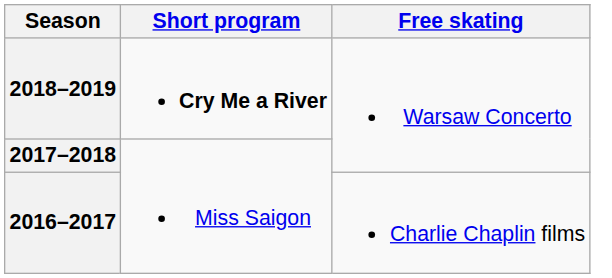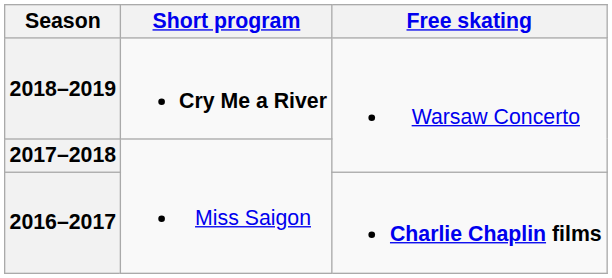 <table class=wikitable style=text-align:center>
 <tr>
 <th>Season</th>
 <th><a href='#'>Short program</a></th>
 <th><a href='#'>Free skating</a></th>
 </tr>
 <tr>
 <th>2018–2019 <br> </th>
 <td><strong><br><ul><li>Cry Me a River <br></li></ul></strong></td>
 <td rowspan=2><br><ul><li><a href='#'>Warsaw Concerto</a> <br></li></ul></td>
 </tr>
 <tr>
 <th>2017–2018 <br> </th>
 <td rowspan=2><br><ul><li><a href='#'>Miss Saigon</a> <br></li></ul></td>
 </tr>
 <tr>
 <th>2016–2017 <br> </th>
-<td><br><ul><li><a href='#'>Charlie Chaplin</a> films</li></ul></td>
+<td><strong><br><ul><li><a href='#'>Charlie Chaplin</a> films</li></ul></strong></td>
 </tr>
 </table>
